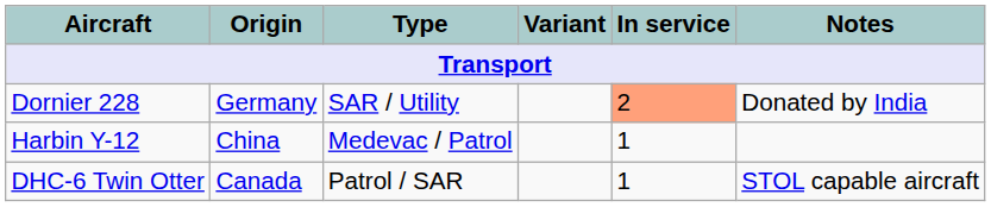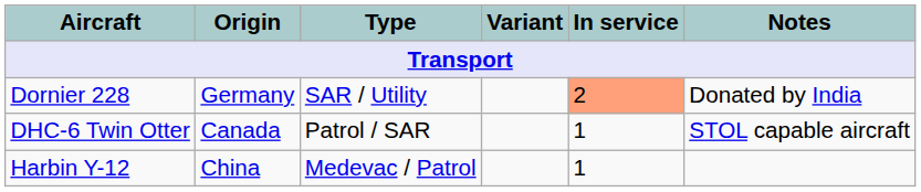 <table class="wikitable">
 <tr>
 <th style="text-align:center; background:#acc;">Aircraft</th>
 <th style="text-align: center; background:#acc;">Origin</th>
 <th style="text-align:l center; background:#acc;">Type</th>
 <th style="text-align:left; background:#acc;">Variant</th>
 <th style="text-align:center; background:#acc;">In service</th>
 <th style="text-align: center; background:#acc;">Notes</th>
 </tr>
 <tr>
 <th style="align: center; background: lavender;" colspan="6"><a href='#'>Transport</a></th>
 </tr>
 <tr>
 <td><a href='#'>Dornier 228</a></td>
 <td><a href='#'>Germany</a></td>
 <td><a href='#'>SAR</a> / <a href='#'>Utility</a></td>
 <td></td>
 <td style="background: lightsalmon;">2</td>
 <td>Donated by <a href='#'>India</a></td>
 </tr>
 <tr>
+<td><a href='#'>DHC-6 Twin Otter</a></td>
+<td><a href='#'>Canada</a></td>
+<td>Patrol / SAR</td>
+<td></td>
+<td>1</td>
+<td><a href='#'>STOL</a> capable aircraft</td>
+</tr>
+<tr>
 <td><a href='#'>Harbin Y-12</a></td>
 <td><a href='#'>China</a></td>
 <td><a href='#'>Medevac</a> / <a href='#'>Patrol</a></td>
 <td></td>
 <td>1</td>
 <td></td>
 </tr>
-<tr>
-<td><a href='#'>DHC-6 Twin Otter</a></td>
-<td><a href='#'>Canada</a></td>
-<td>Patrol / SAR</td>
-<td></td>
-<td>1</td>
-<td><a href='#'>STOL</a> capable aircraft</td>
-</tr>
 </table>
